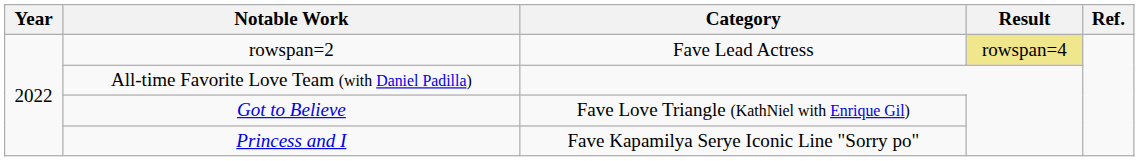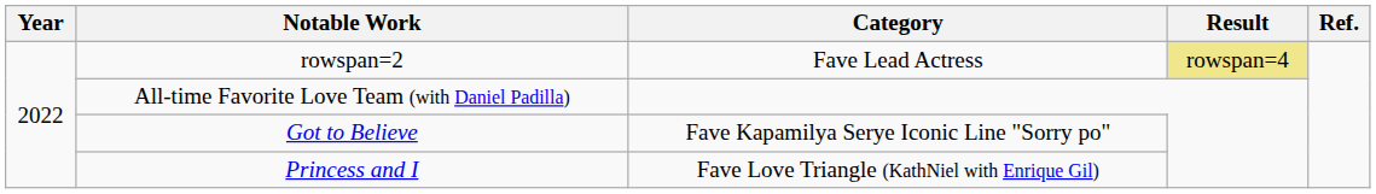 <table class="wikitable sortable"  style="text-align:center; width:60%;">
 <tr>
 <th>Year</th>
 <th>Notable Work</th>
 <th>Category</th>
 <th>Result</th>
 <th>Ref.</th>
 </tr>
 <tr>
 <td rowspan="4">2022</td>
 <td>rowspan=2 </td>
 <td>Fave Lead Actress</td>
 <td style="background: khaki;">rowspan=4 </td>
 <td rowspan="4"></td>
 </tr>
 <tr>
 <td>All-time Favorite Love Team <small>(with <a href='#'>Daniel Padilla</a>)</small></td>
 </tr>
 <tr>
 <td><em><a href='#'>Got to Believe</a></em></td>
-<td>Fave Love Triangle <small>(KathNiel with <a href='#'>Enrique Gil</a>)</small></td>
+<td>Fave Kapamilya Serye Iconic Line  "Sorry po"</td>
 </tr>
 <tr>
 <td><em><a href='#'>Princess and I</a></em></td>
-<td>Fave Kapamilya Serye Iconic Line  "Sorry po"</td>
+<td>Fave Love Triangle <small>(KathNiel with <a href='#'>Enrique Gil</a>)</small></td>
 </tr>
 </table>
